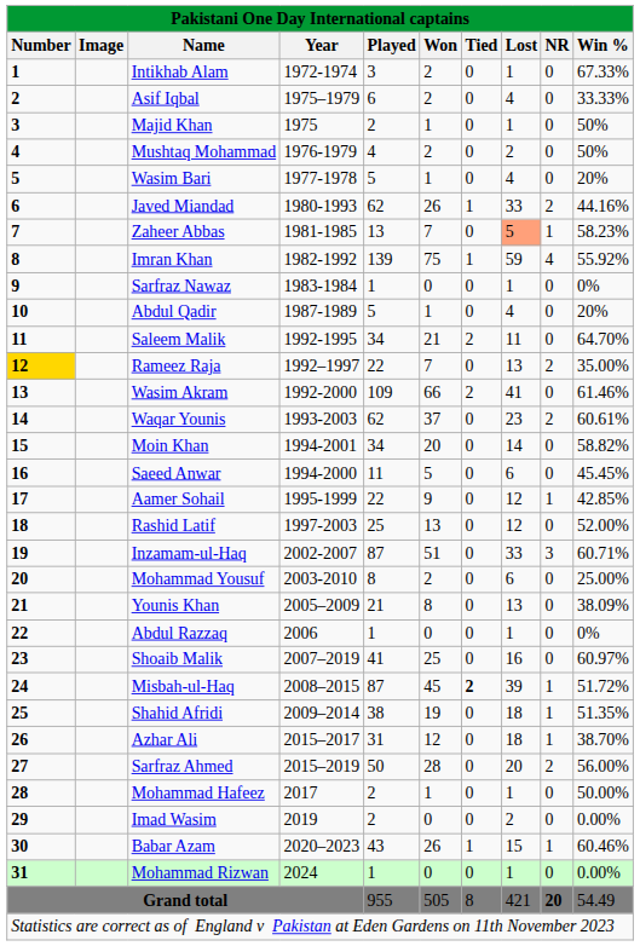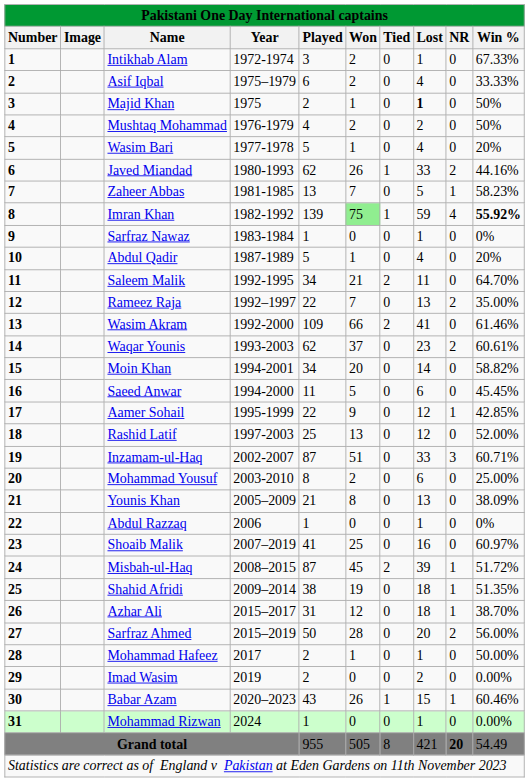 <table class="wikitable sortable" style="margin: 1em auto 1em auto">
 <tr>
 <th style="background:#093;" colspan=10>Pakistani One Day International captains</th>
 </tr>
 <tr bgcolor="#efefef">
 <th>Number</th>
 <th>Image</th>
 <th>Name</th>
 <th>Year</th>
 <th>Played</th>
 <th>Won</th>
 <th>Tied</th>
 <th>Lost</th>
 <th>NR</th>
 <th>Win %</th>
 </tr>
 <tr>
 <td><strong>1</strong></td>
 <td></td>
 <td><a href='#'>Intikhab Alam</a></td>
 <td>1972-1974</td>
 <td>3</td>
 <td>2</td>
 <td>0</td>
 <td>1</td>
 <td>0</td>
 <td>67.33%</td>
 </tr>
 <tr>
 <td><strong>2</strong></td>
 <td></td>
 <td><a href='#'>Asif Iqbal</a></td>
 <td>1975–1979</td>
 <td>6</td>
 <td>2</td>
 <td>0</td>
 <td>4</td>
 <td>0</td>
 <td>33.33%</td>
 </tr>
 <tr>
 <td><strong>3</strong></td>
 <td></td>
 <td><a href='#'>Majid Khan</a></td>
 <td>1975</td>
 <td>2</td>
 <td>1</td>
 <td>0</td>
-<td>1</td>
+<td><strong>1</strong></td>
 <td>0</td>
 <td>50%</td>
 </tr>
 <tr>
 <td><strong>4</strong></td>
 <td></td>
 <td><a href='#'>Mushtaq Mohammad</a></td>
 <td>1976-1979</td>
 <td>4</td>
 <td>2</td>
 <td>0</td>
 <td>2</td>
 <td>0</td>
 <td>50%</td>
 </tr>
 <tr>
 <td><strong>5</strong></td>
 <td></td>
 <td><a href='#'>Wasim Bari</a></td>
 <td>1977-1978</td>
 <td>5</td>
 <td>1</td>
 <td>0</td>
 <td>4</td>
 <td>0</td>
 <td>20%</td>
 </tr>
 <tr>
 <td><strong>6</strong></td>
 <td></td>
 <td><a href='#'>Javed Miandad</a></td>
 <td>1980-1993</td>
 <td>62</td>
 <td>26</td>
 <td>1</td>
 <td>33</td>
 <td>2</td>
 <td>44.16%</td>
 </tr>
 <tr>
 <td><strong>7</strong></td>
 <td></td>
 <td><a href='#'>Zaheer Abbas</a></td>
 <td>1981-1985</td>
 <td>13</td>
 <td>7</td>
 <td>0</td>
-<td style="background: lightsalmon;">5</td>
+<td>5</td>
 <td>1</td>
 <td>58.23%</td>
 </tr>
 <tr>
 <td><strong>8</strong></td>
 <td></td>
 <td><a href='#'>Imran Khan</a></td>
 <td>1982-1992</td>
 <td>139</td>
-<td>75</td>
+<td style="background: lightgreen;">75</td>
 <td>1</td>
 <td>59</td>
 <td>4</td>
-<td>55.92%</td>
+<td><strong>55.92%</strong></td>
 </tr>
 <tr>
 <td><strong>9</strong></td>
 <td></td>
 <td><a href='#'>Sarfraz Nawaz</a></td>
 <td>1983-1984</td>
 <td>1</td>
 <td>0</td>
 <td>0</td>
 <td>1</td>
 <td>0</td>
 <td>0%</td>
 </tr>
 <tr>
 <td><strong>10</strong></td>
 <td></td>
 <td><a href='#'>Abdul Qadir</a></td>
 <td>1987-1989</td>
 <td>5</td>
 <td>1</td>
 <td>0</td>
 <td>4</td>
 <td>0</td>
 <td>20%</td>
 </tr>
 <tr>
 <td><strong>11</strong></td>
 <td></td>
 <td><a href='#'>Saleem Malik</a></td>
 <td>1992-1995</td>
 <td>34</td>
 <td>21</td>
 <td>2</td>
 <td>11</td>
 <td>0</td>
 <td>64.70%</td>
 </tr>
 <tr>
-<td style="background: gold;"><strong>12</strong></td>
+<td><strong>12</strong></td>
 <td></td>
 <td><a href='#'>Rameez Raja</a></td>
 <td>1992–1997</td>
 <td>22</td>
 <td>7</td>
 <td>0</td>
 <td>13</td>
 <td>2</td>
 <td>35.00%</td>
 </tr>
 <tr>
 <td><strong>13</strong></td>
 <td></td>
 <td><a href='#'>Wasim Akram</a></td>
 <td>1992-2000</td>
 <td>109</td>
 <td>66</td>
 <td>2</td>
 <td>41</td>
 <td>0</td>
 <td>61.46%</td>
 </tr>
 <tr>
 <td><strong>14</strong></td>
 <td></td>
 <td><a href='#'>Waqar Younis</a></td>
 <td>1993-2003</td>
 <td>62</td>
 <td>37</td>
 <td>0</td>
 <td>23</td>
 <td>2</td>
 <td>60.61%</td>
 </tr>
 <tr>
 <td><strong>15</strong></td>
 <td></td>
 <td><a href='#'>Moin Khan</a></td>
 <td>1994-2001</td>
 <td>34</td>
 <td>20</td>
 <td>0</td>
 <td>14</td>
 <td>0</td>
 <td>58.82%</td>
 </tr>
 <tr>
 <td><strong>16</strong></td>
 <td></td>
 <td><a href='#'>Saeed Anwar</a></td>
 <td>1994-2000</td>
 <td>11</td>
 <td>5</td>
 <td>0</td>
 <td>6</td>
 <td>0</td>
 <td>45.45%</td>
 </tr>
 <tr>
 <td><strong>17</strong></td>
 <td></td>
 <td><a href='#'>Aamer Sohail</a></td>
 <td>1995-1999</td>
 <td>22</td>
 <td>9</td>
 <td>0</td>
 <td>12</td>
 <td>1</td>
 <td>42.85%</td>
 </tr>
 <tr>
 <td><strong>18</strong></td>
 <td></td>
 <td><a href='#'>Rashid Latif</a></td>
 <td>1997-2003</td>
 <td>25</td>
 <td>13</td>
 <td>0</td>
 <td>12</td>
 <td>0</td>
 <td>52.00%</td>
 </tr>
 <tr>
 <td><strong>19</strong></td>
 <td></td>
 <td><a href='#'>Inzamam-ul-Haq</a></td>
 <td>2002-2007</td>
 <td>87</td>
 <td>51</td>
 <td>0</td>
 <td>33</td>
 <td>3</td>
 <td>60.71%</td>
 </tr>
 <tr>
 <td><strong>20</strong></td>
 <td></td>
 <td><a href='#'>Mohammad Yousuf</a></td>
 <td>2003-2010</td>
 <td>8</td>
 <td>2</td>
 <td>0</td>
 <td>6</td>
 <td>0</td>
 <td>25.00%</td>
 </tr>
 <tr>
 <td><strong>21</strong></td>
 <td></td>
 <td><a href='#'>Younis Khan</a></td>
 <td>2005–2009</td>
 <td>21</td>
 <td>8</td>
 <td>0</td>
 <td>13</td>
 <td>0</td>
 <td>38.09%</td>
 </tr>
 <tr>
 <td><strong>22</strong></td>
 <td></td>
 <td><a href='#'>Abdul Razzaq</a></td>
 <td>2006</td>
 <td>1</td>
 <td>0</td>
 <td>0</td>
 <td>1</td>
 <td>0</td>
 <td>0%</td>
 </tr>
 <tr>
 <td><strong>23</strong></td>
 <td></td>
 <td><a href='#'>Shoaib Malik</a></td>
 <td>2007–2019</td>
 <td>41</td>
 <td>25</td>
 <td>0</td>
 <td>16</td>
 <td>0</td>
 <td>60.97%</td>
 </tr>
 <tr>
 <td><strong>24</strong></td>
 <td></td>
 <td><a href='#'>Misbah-ul-Haq</a></td>
 <td>2008–2015</td>
 <td>87</td>
 <td>45</td>
-<td><strong>2</strong></td>
+<td>2</td>
 <td>39</td>
 <td>1</td>
 <td>51.72%</td>
 </tr>
 <tr>
 <td><strong>25</strong></td>
 <td></td>
 <td><a href='#'>Shahid Afridi</a></td>
 <td>2009–2014</td>
 <td>38</td>
 <td>19</td>
 <td>0</td>
 <td>18</td>
 <td>1</td>
 <td>51.35%</td>
 </tr>
 <tr>
 <td><strong>26</strong></td>
 <td></td>
 <td><a href='#'>Azhar Ali</a></td>
 <td>2015–2017</td>
 <td>31</td>
 <td>12</td>
 <td>0</td>
 <td>18</td>
 <td>1</td>
 <td>38.70%</td>
 </tr>
 <tr>
 <td><strong>27</strong></td>
 <td></td>
 <td><a href='#'>Sarfraz Ahmed</a></td>
 <td>2015–2019</td>
 <td>50</td>
 <td>28</td>
 <td>0</td>
 <td>20</td>
 <td>2</td>
 <td>56.00%</td>
 </tr>
 <tr>
 <td><strong>28</strong></td>
 <td></td>
 <td><a href='#'>Mohammad Hafeez</a></td>
 <td>2017</td>
 <td>2</td>
 <td>1</td>
 <td>0</td>
 <td>1</td>
 <td>0</td>
 <td>50.00%</td>
 </tr>
 <tr>
 <td><strong>29</strong></td>
 <td></td>
 <td><a href='#'>Imad Wasim</a></td>
 <td>2019</td>
 <td>2</td>
 <td>0</td>
 <td>0</td>
 <td>2</td>
 <td>0</td>
 <td>0.00%</td>
 </tr>
 <tr>
 <td><strong>30</strong></td>
 <td></td>
 <td><a href='#'>Babar Azam</a></td>
 <td>2020–2023</td>
 <td>43</td>
 <td>26</td>
 <td>1</td>
 <td>15</td>
 <td>1</td>
 <td>60.46%</td>
 </tr>
 <tr bgcolor="#cfc">
 <td><strong>31</strong></td>
 <td></td>
 <td><a href='#'>Mohammad Rizwan</a></td>
 <td>2024</td>
 <td>1</td>
 <td>0</td>
 <td>0</td>
 <td>1</td>
 <td>0</td>
 <td>0.00%</td>
 </tr>
 <tr bgcolor="grey">
 <td colspan="4" align="center"><strong>Grand total</strong></td>
 <td>955</td>
 <td>505</td>
 <td>8</td>
 <td>421</td>
 <td><strong>20</strong></td>
 <td>54.49</td>
 </tr>
 <tr>
 <td colspan="10"><em>Statistics are correct as of  England v  <a href='#'>Pakistan</a> at Eden Gardens on 11th November 2023</em></td>
 </tr>
 </table>
